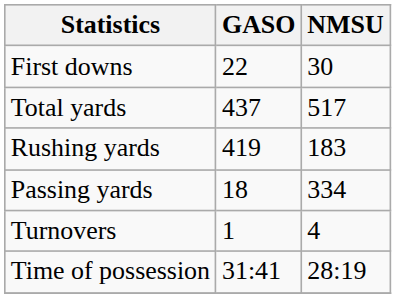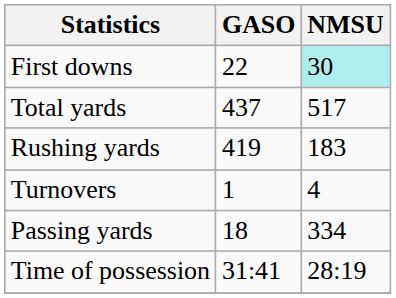 <table class="wikitable">
 <tr>
 <th>Statistics</th>
 <th>GASO</th>
 <th>NMSU</th>
 </tr>
 <tr>
 <td>First downs</td>
 <td>22</td>
-<td>30</td>
+<td style="background: paleturquoise;">30</td>
 </tr>
 <tr>
 <td>Total yards</td>
 <td>437</td>
 <td>517</td>
 </tr>
 <tr>
 <td>Rushing yards</td>
 <td>419</td>
 <td>183</td>
 </tr>
 <tr>
+<td>Turnovers</td>
+<td>1</td>
+<td>4</td>
+</tr>
+<tr>
 <td>Passing yards</td>
 <td>18</td>
 <td>334</td>
-</tr>
-<tr>
-<td>Turnovers</td>
-<td>1</td>
-<td>4</td>
 </tr>
 <tr>
 <td>Time of possession</td>
 <td>31:41</td>
 <td>28:19</td>
 </tr>
 <tr>
 </tr>
 </table>
